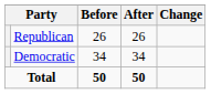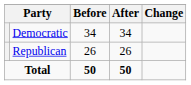 <table class="wikitable" style="text-align:center;">
 <tr>
 </tr>
 <tr>
 <th colspan=2>Party</th>
 <th>Before</th>
 <th>After</th>
 <th>Change</th>
 </tr>
 <tr>
 <th style="background-color:"></th>
-<td style="text-align:left;"><a href='#'>Republican</a></td>
-<td>26</td>
-<td>26</td>
+<td style="text-align:left;"><a href='#'>Democratic</a></td>
+<td>34</td>
+<td>34</td>
 <td></td>
 </tr>
 <tr>
 <th style="background-color:"></th>
-<td style="text-align:left;"><a href='#'>Democratic</a></td>
-<td>34</td>
-<td>34</td>
+<td style="text-align:left;"><a href='#'>Republican</a></td>
+<td>26</td>
+<td>26</td>
 <td></td>
 </tr>
 <tr>
 <td colspan=2><strong>Total</strong></td>
 <td><strong>50</strong></td>
 <td><strong>50</strong></td>
 <td></td>
 </tr>
 </table>
